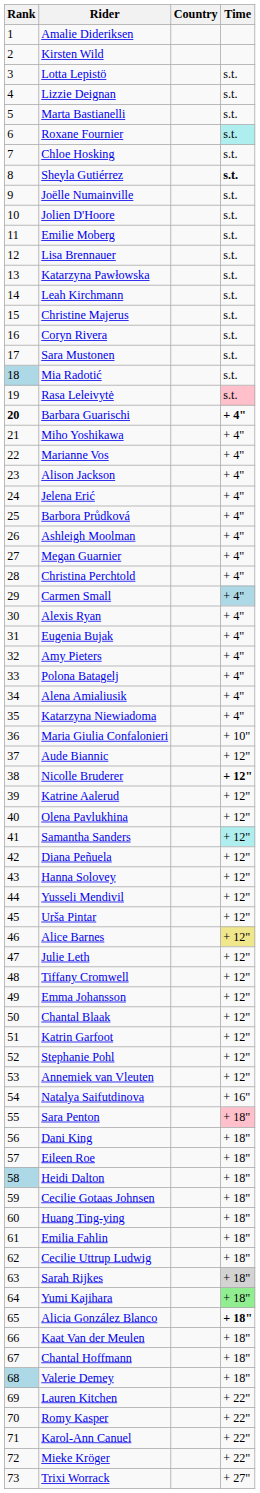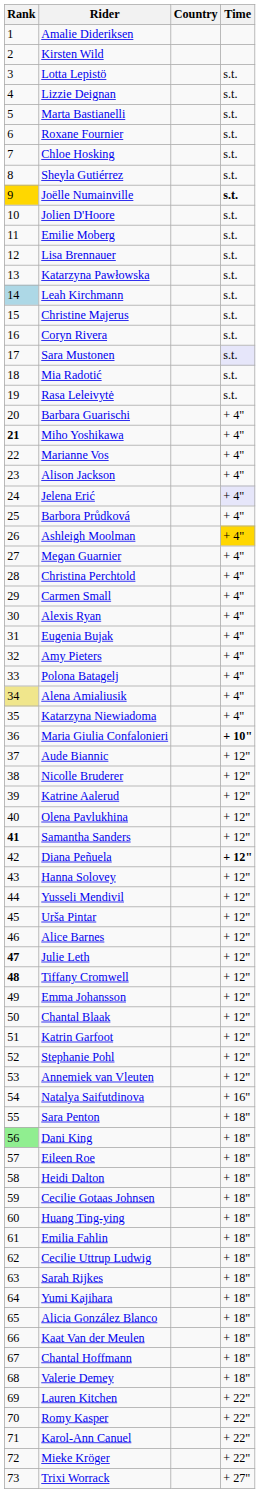 <table class="wikitable" style="font-size:95%; text-align:left;">
 <tr>
 <th>Rank</th>
 <th>Rider</th>
 <th>Country</th>
 <th>Time</th>
 </tr>
 <tr>
 <td>1</td>
 <td><a href='#'>Amalie Dideriksen</a></td>
 <td></td>
 <td></td>
 </tr>
 <tr>
 <td>2</td>
 <td><a href='#'>Kirsten Wild</a></td>
 <td></td>
 <td></td>
 </tr>
 <tr>
 <td>3</td>
 <td><a href='#'>Lotta Lepistö</a></td>
 <td></td>
 <td>s.t.</td>
 </tr>
 <tr>
 <td>4</td>
 <td><a href='#'>Lizzie Deignan</a></td>
 <td></td>
 <td>s.t.</td>
 </tr>
 <tr>
 <td>5</td>
 <td><a href='#'>Marta Bastianelli</a></td>
 <td></td>
 <td>s.t.</td>
 </tr>
 <tr>
 <td>6</td>
 <td><a href='#'>Roxane Fournier</a></td>
 <td></td>
-<td style="background: paleturquoise;">s.t.</td>
+<td>s.t.</td>
 </tr>
 <tr>
 <td>7</td>
 <td><a href='#'>Chloe Hosking</a></td>
 <td></td>
 <td>s.t.</td>
 </tr>
 <tr>
 <td>8</td>
 <td><a href='#'>Sheyla Gutiérrez</a></td>
 <td></td>
-<td><strong>s.t.</strong></td>
+<td>s.t.</td>
 </tr>
 <tr>
-<td>9</td>
+<td style="background: gold;">9</td>
 <td><a href='#'>Joëlle Numainville</a></td>
 <td></td>
-<td>s.t.</td>
+<td><strong>s.t.</strong></td>
 </tr>
 <tr>
 <td>10</td>
 <td><a href='#'>Jolien D'Hoore</a></td>
 <td></td>
 <td>s.t.</td>
 </tr>
 <tr>
 <td>11</td>
 <td><a href='#'>Emilie Moberg</a></td>
 <td></td>
 <td>s.t.</td>
 </tr>
 <tr>
 <td>12</td>
 <td><a href='#'>Lisa Brennauer</a></td>
 <td></td>
 <td>s.t.</td>
 </tr>
 <tr>
 <td>13</td>
 <td><a href='#'>Katarzyna Pawłowska</a></td>
 <td></td>
 <td>s.t.</td>
 </tr>
 <tr>
-<td>14</td>
+<td style="background: lightblue;">14</td>
 <td><a href='#'>Leah Kirchmann</a></td>
 <td></td>
 <td>s.t.</td>
 </tr>
 <tr>
 <td>15</td>
 <td><a href='#'>Christine Majerus</a></td>
 <td></td>
 <td>s.t.</td>
 </tr>
 <tr>
 <td>16</td>
 <td><a href='#'>Coryn Rivera</a></td>
 <td></td>
 <td>s.t.</td>
 </tr>
 <tr>
 <td>17</td>
 <td><a href='#'>Sara Mustonen</a></td>
 <td></td>
-<td>s.t.</td>
+<td style="background: lavender;">s.t.</td>
 </tr>
 <tr>
-<td style="background: lightblue;">18</td>
+<td>18</td>
 <td><a href='#'>Mia Radotić</a></td>
 <td></td>
 <td>s.t.</td>
 </tr>
 <tr>
 <td>19</td>
 <td><a href='#'>Rasa Leleivytė</a></td>
 <td></td>
-<td style="background: pink;">s.t.</td>
+<td>s.t.</td>
 </tr>
 <tr>
-<td><strong>20</strong></td>
+<td>20</td>
 <td><a href='#'>Barbara Guarischi</a></td>
 <td></td>
-<td><strong>+ 4"</strong></td>
+<td>+ 4"</td>
 </tr>
 <tr>
-<td>21</td>
+<td><strong>21</strong></td>
 <td><a href='#'>Miho Yoshikawa</a></td>
 <td></td>
 <td>+ 4"</td>
 </tr>
 <tr>
 <td>22</td>
 <td><a href='#'>Marianne Vos</a></td>
 <td></td>
 <td>+ 4"</td>
 </tr>
 <tr>
 <td>23</td>
 <td><a href='#'>Alison Jackson</a></td>
 <td></td>
 <td>+ 4"</td>
 </tr>
 <tr>
 <td>24</td>
 <td><a href='#'>Jelena Erić</a></td>
 <td></td>
-<td>+ 4"</td>
+<td style="background: lavender;">+ 4"</td>
 </tr>
 <tr>
 <td>25</td>
 <td><a href='#'>Barbora Průdková</a></td>
 <td></td>
 <td>+ 4"</td>
 </tr>
 <tr>
 <td>26</td>
 <td><a href='#'>Ashleigh Moolman</a></td>
 <td></td>
-<td>+ 4"</td>
+<td style="background: gold;">+ 4"</td>
 </tr>
 <tr>
 <td>27</td>
 <td><a href='#'>Megan Guarnier</a></td>
 <td></td>
 <td>+ 4"</td>
 </tr>
 <tr>
 <td>28</td>
 <td><a href='#'>Christina Perchtold</a></td>
 <td></td>
 <td>+ 4"</td>
 </tr>
 <tr>
 <td>29</td>
 <td><a href='#'>Carmen Small</a></td>
 <td></td>
-<td style="background: lightblue;">+ 4"</td>
+<td>+ 4"</td>
 </tr>
 <tr>
 <td>30</td>
 <td><a href='#'>Alexis Ryan</a></td>
 <td></td>
 <td>+ 4"</td>
 </tr>
 <tr>
 <td>31</td>
 <td><a href='#'>Eugenia Bujak</a></td>
 <td></td>
 <td>+ 4"</td>
 </tr>
 <tr>
 <td>32</td>
 <td><a href='#'>Amy Pieters</a></td>
 <td></td>
 <td>+ 4"</td>
 </tr>
 <tr>
 <td>33</td>
 <td><a href='#'>Polona Batagelj</a></td>
 <td></td>
 <td>+ 4"</td>
 </tr>
 <tr>
-<td>34</td>
+<td style="background: khaki;">34</td>
 <td><a href='#'>Alena Amialiusik</a></td>
 <td></td>
 <td>+ 4"</td>
 </tr>
 <tr>
 <td>35</td>
 <td><a href='#'>Katarzyna Niewiadoma</a></td>
 <td></td>
 <td>+ 4"</td>
 </tr>
 <tr>
 <td>36</td>
 <td><a href='#'>Maria Giulia Confalonieri</a></td>
 <td></td>
-<td>+ 10"</td>
+<td><strong>+ 10"</strong></td>
 </tr>
 <tr>
 <td>37</td>
 <td><a href='#'>Aude Biannic</a></td>
 <td></td>
 <td>+ 12"</td>
 </tr>
 <tr>
 <td>38</td>
 <td><a href='#'>Nicolle Bruderer</a></td>
 <td></td>
-<td><strong>+ 12"</strong></td>
+<td>+ 12"</td>
 </tr>
 <tr>
 <td>39</td>
 <td><a href='#'>Katrine Aalerud</a></td>
 <td></td>
 <td>+ 12"</td>
 </tr>
 <tr>
 <td>40</td>
 <td><a href='#'>Olena Pavlukhina</a></td>
 <td></td>
 <td>+ 12"</td>
 </tr>
 <tr>
-<td>41</td>
+<td><strong>41</strong></td>
 <td><a href='#'>Samantha Sanders</a></td>
 <td></td>
-<td style="background: paleturquoise;">+ 12"</td>
+<td>+ 12"</td>
 </tr>
 <tr>
 <td>42</td>
 <td><a href='#'>Diana Peñuela</a></td>
 <td></td>
-<td>+ 12"</td>
+<td><strong>+ 12"</strong></td>
 </tr>
 <tr>
 <td>43</td>
 <td><a href='#'>Hanna Solovey</a></td>
 <td></td>
 <td>+ 12"</td>
 </tr>
 <tr>
 <td>44</td>
 <td><a href='#'>Yusseli Mendivil</a></td>
 <td></td>
 <td>+ 12"</td>
 </tr>
 <tr>
 <td>45</td>
 <td><a href='#'>Urša Pintar</a></td>
 <td></td>
 <td>+ 12"</td>
 </tr>
 <tr>
 <td>46</td>
 <td><a href='#'>Alice Barnes</a></td>
 <td></td>
-<td style="background: khaki;">+ 12"</td>
+<td>+ 12"</td>
 </tr>
 <tr>
-<td>47</td>
+<td><strong>47</strong></td>
 <td><a href='#'>Julie Leth</a></td>
 <td></td>
 <td>+ 12"</td>
 </tr>
 <tr>
-<td>48</td>
+<td><strong>48</strong></td>
 <td><a href='#'>Tiffany Cromwell</a></td>
 <td></td>
 <td>+ 12"</td>
 </tr>
 <tr>
 <td>49</td>
 <td><a href='#'>Emma Johansson</a></td>
 <td></td>
 <td>+ 12"</td>
 </tr>
 <tr>
 <td>50</td>
 <td><a href='#'>Chantal Blaak</a></td>
 <td></td>
 <td>+ 12"</td>
 </tr>
 <tr>
 <td>51</td>
 <td><a href='#'>Katrin Garfoot</a></td>
 <td></td>
 <td>+ 12"</td>
 </tr>
 <tr>
 <td>52</td>
 <td><a href='#'>Stephanie Pohl</a></td>
 <td></td>
 <td>+ 12"</td>
 </tr>
 <tr>
 <td>53</td>
 <td><a href='#'>Annemiek van Vleuten</a></td>
 <td></td>
 <td>+ 12"</td>
 </tr>
 <tr>
 <td>54</td>
 <td><a href='#'>Natalya Saifutdinova</a></td>
 <td></td>
 <td>+ 16"</td>
 </tr>
 <tr>
 <td>55</td>
 <td><a href='#'>Sara Penton</a></td>
 <td></td>
-<td style="background: pink;">+ 18"</td>
+<td>+ 18"</td>
 </tr>
 <tr>
-<td>56</td>
+<td style="background: lightgreen;">56</td>
 <td><a href='#'>Dani King</a></td>
 <td></td>
 <td>+ 18"</td>
 </tr>
 <tr>
 <td>57</td>
 <td><a href='#'>Eileen Roe</a></td>
 <td></td>
 <td>+ 18"</td>
 </tr>
 <tr>
-<td style="background: lightblue;">58</td>
+<td>58</td>
 <td><a href='#'>Heidi Dalton</a></td>
 <td></td>
 <td>+ 18"</td>
 </tr>
 <tr>
 <td>59</td>
 <td><a href='#'>Cecilie Gotaas Johnsen</a></td>
 <td></td>
 <td>+ 18"</td>
 </tr>
 <tr>
 <td>60</td>
 <td><a href='#'>Huang Ting-ying</a></td>
 <td></td>
 <td>+ 18"</td>
 </tr>
 <tr>
 <td>61</td>
 <td><a href='#'>Emilia Fahlin</a></td>
 <td></td>
 <td>+ 18"</td>
 </tr>
 <tr>
 <td>62</td>
 <td><a href='#'>Cecilie Uttrup Ludwig</a></td>
 <td></td>
 <td>+ 18"</td>
 </tr>
 <tr>
 <td>63</td>
 <td><a href='#'>Sarah Rijkes</a></td>
 <td></td>
-<td style="background: lightgrey;">+ 18"</td>
+<td>+ 18"</td>
 </tr>
 <tr>
 <td>64</td>
 <td><a href='#'>Yumi Kajihara</a></td>
 <td></td>
-<td style="background: lightgreen;">+ 18"</td>
+<td>+ 18"</td>
 </tr>
 <tr>
 <td>65</td>
 <td><a href='#'>Alicia González Blanco</a></td>
 <td></td>
-<td><strong>+ 18"</strong></td>
+<td>+ 18"</td>
 </tr>
 <tr>
 <td>66</td>
 <td><a href='#'>Kaat Van der Meulen</a></td>
 <td></td>
 <td>+ 18"</td>
 </tr>
 <tr>
 <td>67</td>
 <td><a href='#'>Chantal Hoffmann</a></td>
 <td></td>
 <td>+ 18"</td>
 </tr>
 <tr>
-<td style="background: lightblue;">68</td>
+<td>68</td>
 <td><a href='#'>Valerie Demey</a></td>
 <td></td>
 <td>+ 18"</td>
 </tr>
 <tr>
 <td>69</td>
 <td><a href='#'>Lauren Kitchen</a></td>
 <td></td>
 <td>+ 22"</td>
 </tr>
 <tr>
 <td>70</td>
 <td><a href='#'>Romy Kasper</a></td>
 <td></td>
 <td>+ 22"</td>
 </tr>
 <tr>
 <td>71</td>
 <td><a href='#'>Karol-Ann Canuel</a></td>
 <td></td>
 <td>+ 22"</td>
 </tr>
 <tr>
 <td>72</td>
 <td><a href='#'>Mieke Kröger</a></td>
 <td></td>
 <td>+ 22"</td>
 </tr>
 <tr>
 <td>73</td>
 <td><a href='#'>Trixi Worrack</a></td>
 <td></td>
 <td>+ 27"</td>
 </tr>
 </table>
